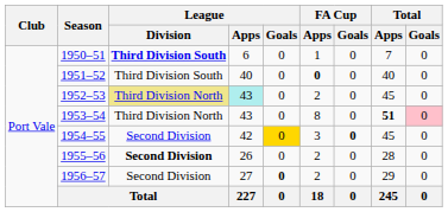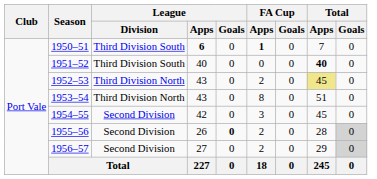 <table class="wikitable" style="text-align: center;">
 <tr>
 <th rowspan="2">Club</th>
 <th rowspan="2">Season</th>
 <th colspan="3">League</th>
 <th colspan="2">FA Cup</th>
 <th colspan="2">Total</th>
 </tr>
 <tr>
 <th>Division</th>
 <th>Apps</th>
 <th>Goals</th>
 <th>Apps</th>
 <th>Goals</th>
 <th>Apps</th>
 <th>Goals</th>
 </tr>
 <tr>
 <td rowspan="8"><a href='#'>Port Vale</a></td>
 <td><a href='#'>1950–51</a></td>
-<td><strong><a href='#'>Third Division South</a></strong></td>
-<td>6</td>
+<td><a href='#'>Third Division South</a></td>
+<td><strong>6</strong></td>
 <td>0</td>
-<td>1</td>
+<td><strong>1</strong></td>
 <td>0</td>
 <td>7</td>
 <td>0</td>
 </tr>
 <tr>
 <td><a href='#'>1951–52</a></td>
 <td>Third Division South</td>
 <td>40</td>
 <td>0</td>
-<td><strong>0</strong></td>
 <td>0</td>
-<td>40</td>
+<td>0</td>
+<td><strong>40</strong></td>
 <td>0</td>
 </tr>
 <tr>
 <td><a href='#'>1952–53</a></td>
-<td style="background: khaki;"><a href='#'>Third Division North</a></td>
-<td style="background: paleturquoise;">43</td>
+<td><a href='#'>Third Division North</a></td>
+<td>43</td>
 <td>0</td>
 <td>2</td>
 <td>0</td>
-<td>45</td>
+<td style="background: khaki;">45</td>
 <td>0</td>
 </tr>
 <tr>
 <td><a href='#'>1953–54</a></td>
 <td>Third Division North</td>
 <td>43</td>
 <td>0</td>
 <td>8</td>
 <td>0</td>
-<td><strong>51</strong></td>
-<td style="background: pink;">0</td>
+<td>51</td>
+<td>0</td>
 </tr>
 <tr>
 <td><a href='#'>1954–55</a></td>
 <td><a href='#'>Second Division</a></td>
 <td>42</td>
-<td style="background: gold;">0</td>
+<td>0</td>
 <td>3</td>
-<td><strong>0</strong></td>
+<td>0</td>
 <td>45</td>
 <td>0</td>
 </tr>
 <tr>
 <td><a href='#'>1955–56</a></td>
-<td><strong>Second Division</strong></td>
+<td>Second Division</td>
 <td>26</td>
-<td>0</td>
+<td><strong>0</strong></td>
 <td>2</td>
 <td>0</td>
 <td>28</td>
-<td>0</td>
+<td style="background: lightgrey;">0</td>
 </tr>
 <tr>
 <td><a href='#'>1956–57</a></td>
 <td>Second Division</td>
 <td>27</td>
-<td><strong>0</strong></td>
+<td>0</td>
 <td>2</td>
 <td>0</td>
 <td>29</td>
-<td>0</td>
+<td style="background: lightgrey;">0</td>
 </tr>
 <tr>
 <th colspan="2">Total</th>
 <th>227</th>
 <th>0</th>
 <th>18</th>
 <th>0</th>
 <th>245</th>
 <th>0</th>
 </tr>
 </table>
